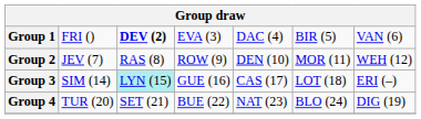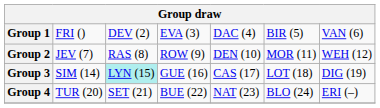 <table class="wikitable" style="text-align:center; font-size:85%">
 <tr>
 <th colspan="7">Group draw</th>
 </tr>
 <tr>
 <th>Group 1</th>
 <td align="left"> <a href='#'>FRI</a> ()</td>
-<td align="left"><strong> <a href='#'>DEV</a> (2)</strong></td>
+<td align="left"> <a href='#'>DEV</a> (2)</td>
 <td align="left"> <a href='#'>EVA</a> (3)</td>
 <td align="left"> <a href='#'>DAC</a> (4)</td>
 <td align="left"> <a href='#'>BIR</a> (5)</td>
 <td align="left"> <a href='#'>VAN</a> (6)</td>
 </tr>
 <tr>
 <th>Group 2</th>
 <td align="left"> <a href='#'>JEV</a> (7)</td>
 <td align="left"> <a href='#'>RAS</a> (8)</td>
 <td align="left"> <a href='#'>ROW</a> (9)</td>
 <td align="left"> <a href='#'>DEN</a> (10)</td>
 <td align="left"> <a href='#'>MOR</a> (11)</td>
 <td align="left"> <a href='#'>WEH</a> (12)</td>
 </tr>
 <tr>
 <th>Group 3</th>
 <td align="left"> <a href='#'>SIM</a> (14)</td>
 <td align="left" style="background: paleturquoise;"> <a href='#'>LYN</a> (15)</td>
 <td align="left"> <a href='#'>GUE</a> (16)</td>
 <td align="left"> <a href='#'>CAS</a> (17)</td>
 <td align="left"> <a href='#'>LOT</a> (18)</td>
-<td align="left"> <a href='#'>ERI</a> (–)</td>
+<td align="left"> <a href='#'>DIG</a> (19)</td>
 </tr>
 <tr>
 <th>Group 4</th>
 <td align="left"> <a href='#'>TUR</a> (20)</td>
 <td align="left"> <a href='#'>SET</a> (21)</td>
 <td align="left"> <a href='#'>BUE</a> (22)</td>
 <td align="left"> <a href='#'>NAT</a> (23)</td>
 <td align="left"> <a href='#'>BLO</a> (24)</td>
-<td align="left"> <a href='#'>DIG</a> (19)</td>
+<td align="left"> <a href='#'>ERI</a> (–)</td>
 </tr>
 <tr>
 </tr>
 </table>
